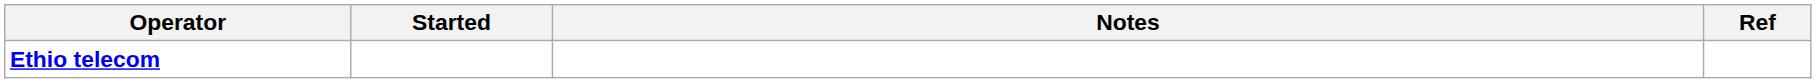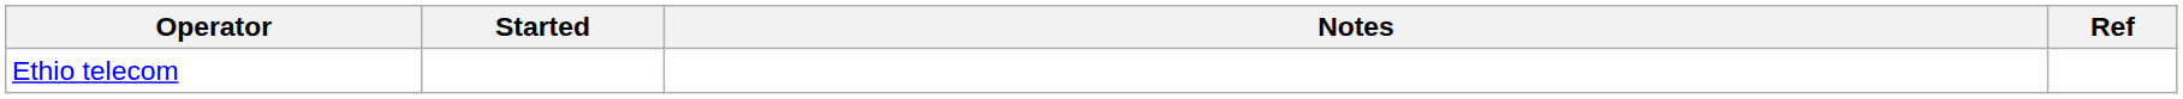 <table class="wikitable" style="background: #FFFFFF; width: 100%; white-space: normal;">
 <tr>
 <th scope="col" width="100px">Operator</th>
 <th scope="col" width="20px">Started</th>
 <th scope="col" width="350px">Notes</th>
 <th scope="col" width="20px">Ref</th>
 </tr>
 <tr>
-<td><strong><a href='#'>Ethio telecom</a></strong></td>
+<td><a href='#'>Ethio telecom</a></td>
 <td></td>
 <td></td>
 </tr>
 </table>
